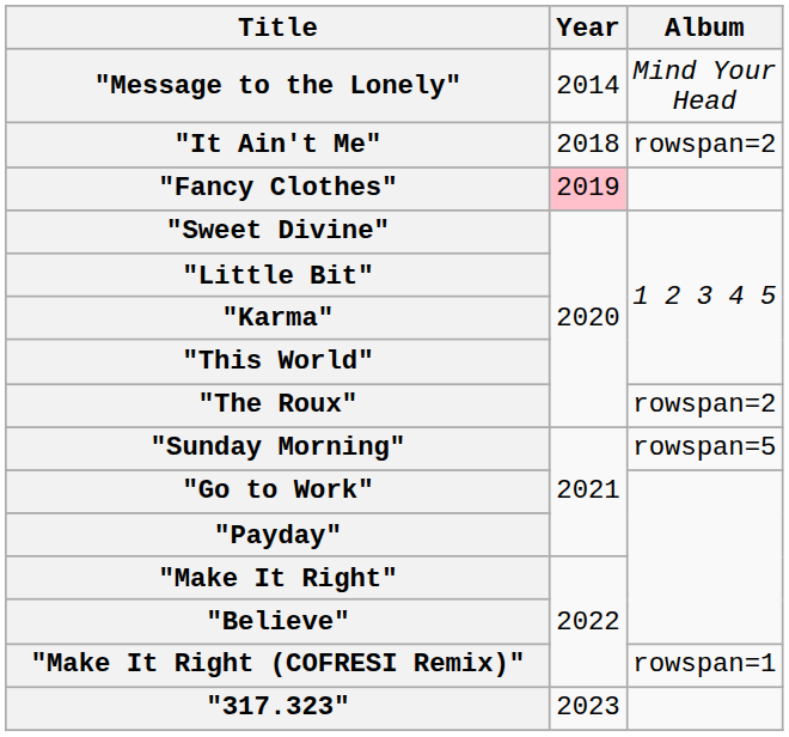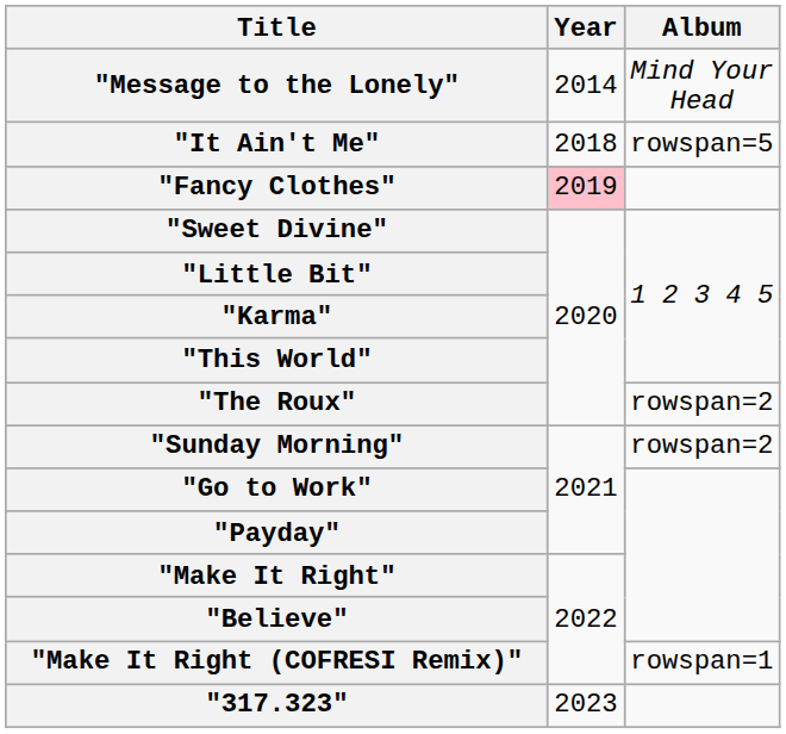 <table class="wikitable plainrowheaders" style="text-align:center;">
 <tr>
 <th rowspan="1" style="width:20em;">Title</th>
 <th rowspan="1" style="width:1em;">Year</th>
 <th rowspan="1" style="width:5em;">Album</th>
 </tr>
 <tr>
 <th scope="row">"Message to the Lonely"</th>
 <td>2014</td>
 <td><em>Mind Your Head</em></td>
 </tr>
 <tr>
 <th scope="row">"It Ain't Me"</th>
 <td>2018</td>
-<td>rowspan=2 </td>
+<td>rowspan=5 </td>
 </tr>
 <tr>
 <th scope="row">"Fancy Clothes"<br> </th>
 <td style="background: pink;">2019</td>
 </tr>
 <tr>
 <th scope="row">"Sweet Divine"</th>
 <td rowspan=5>2020</td>
 <td rowspan=4><em>1 2 3 4 5</em></td>
 </tr>
 <tr>
 <th scope="row">"Little Bit"</th>
 </tr>
 <tr>
 <th scope="row">"Karma"</th>
 </tr>
 <tr>
 <th scope="row">"This World"<br> </th>
 </tr>
 <tr>
 <th scope="row">"The Roux"</th>
 <td>rowspan=2 </td>
 </tr>
 <tr>
 <th scope="row">"Sunday Morning"</th>
 <td rowspan=3>2021</td>
-<td>rowspan=5 </td>
+<td>rowspan=2 </td>
 </tr>
 <tr>
 <th scope="row">"Go to Work"</th>
 </tr>
 <tr>
 <th scope="row">"Payday"</th>
 </tr>
 <tr>
 <th scope="row">"Make It Right"</th>
 <td rowspan=3>2022</td>
 </tr>
 <tr>
 <th scope="row">"Believe"</th>
 </tr>
 <tr>
 <th scope="row">"Make It Right (COFRESI Remix)"</th>
 <td>rowspan=1 </td>
 </tr>
 <tr>
 <th scope="row">"317.323"</th>
 <td rowspan=3>2023</td>
 </tr>
 </table>
